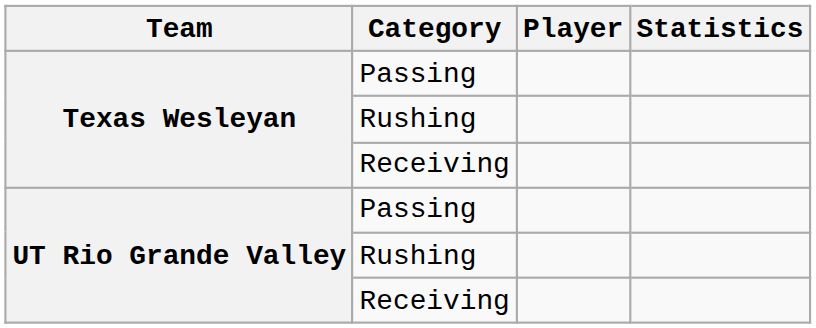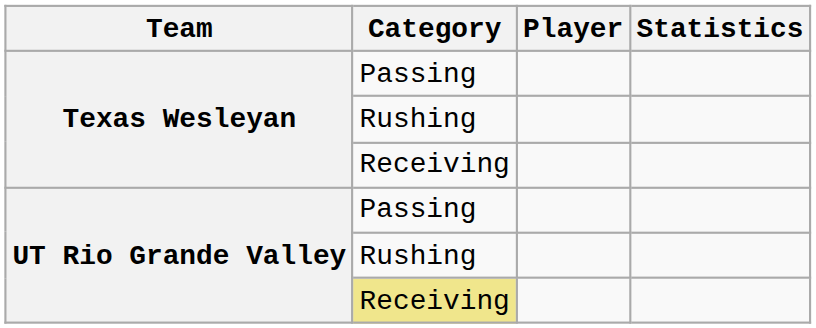 <table class="wikitable" style="float:right">
 <tr>
 <th>Team</th>
 <th>Category</th>
 <th>Player</th>
 <th>Statistics</th>
 </tr>
 <tr>
 <th rowspan=3>Texas Wesleyan</th>
 <td>Passing</td>
 <td></td>
 <td></td>
 </tr>
 <tr>
 <td>Rushing</td>
 <td></td>
 <td></td>
 </tr>
 <tr>
 <td>Receiving</td>
 <td></td>
 <td></td>
 </tr>
 <tr>
 <th rowspan=3>UT Rio Grande Valley</th>
 <td>Passing</td>
 <td></td>
 <td></td>
 </tr>
 <tr>
 <td>Rushing</td>
 <td></td>
 <td></td>
 </tr>
 <tr>
-<td>Receiving</td>
+<td style="background: khaki;">Receiving</td>
 <td></td>
 <td></td>
 </tr>
 </table>
